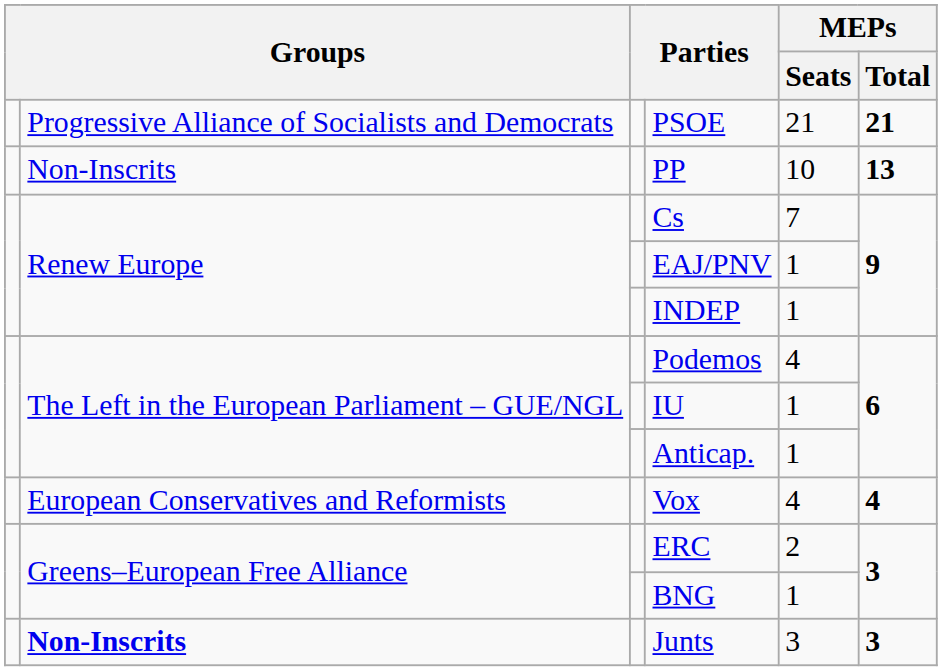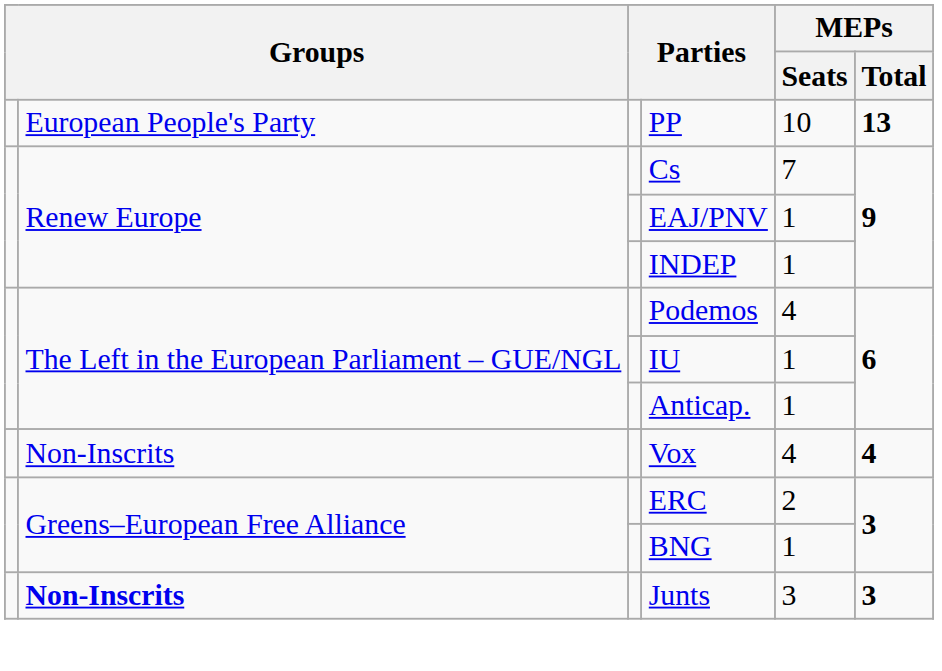 <table class="wikitable" style="text-align:left;">
 <tr>
 <th rowspan="2" colspan="2">Groups</th>
 <th rowspan="2" colspan="2">Parties</th>
 <th colspan="2">MEPs</th>
 </tr>
 <tr>
 <th>Seats</th>
 <th>Total</th>
 </tr>
 <tr>
-<td width="1" style="color:inherit;background:"></td>
-<td><a href='#'>Progressive Alliance of Socialists and Democrats</a></td>
-<td width="1" style="color:inherit;background:"></td>
-<td><a href='#'>PSOE</a></td>
-<td>21</td>
-<td><strong>21</strong></td>
-</tr>
-<tr>
 <td style="color:inherit;background:"></td>
-<td><a href='#'>Non-Inscrits</a></td>
+<td><a href='#'>European People's Party</a></td>
 <td style="color:inherit;background:"></td>
 <td><a href='#'>PP</a></td>
 <td>10</td>
 <td><strong>13</strong></td>
 </tr>
 <tr>
 <td rowspan="3" style="color:inherit;background:"></td>
 <td rowspan="3"><a href='#'>Renew Europe</a></td>
 <td style="color:inherit;background:"></td>
 <td><a href='#'>Cs</a></td>
 <td>7</td>
 <td rowspan="3"><strong>9</strong></td>
 </tr>
 <tr>
 <td style="color:inherit;background:"></td>
 <td><a href='#'>EAJ/PNV</a></td>
 <td>1</td>
 </tr>
 <tr>
 <td style="color:inherit;background:"></td>
 <td><a href='#'>INDEP</a></td>
 <td>1</td>
 </tr>
 <tr>
 <td rowspan="3" style="color:inherit;background:"></td>
 <td rowspan="3"><a href='#'>The Left in the European Parliament – GUE/NGL</a></td>
 <td style="color:inherit;background:"></td>
 <td><a href='#'>Podemos</a></td>
 <td>4</td>
 <td rowspan="3"><strong>6</strong></td>
 </tr>
 <tr>
 <td style="color:inherit;background:"></td>
 <td><a href='#'>IU</a></td>
 <td>1</td>
 </tr>
 <tr>
 <td style="color:inherit;background:"></td>
 <td><a href='#'>Anticap.</a></td>
 <td>1</td>
 </tr>
 <tr>
 <td style="color:inherit;background:"></td>
-<td><a href='#'>European Conservatives and Reformists</a></td>
+<td><a href='#'>Non-Inscrits</a></td>
 <td style="color:inherit;background:"></td>
 <td><a href='#'>Vox</a></td>
 <td>4</td>
 <td><strong>4</strong></td>
 </tr>
 <tr>
 <td rowspan="2" style="color:inherit;background:"></td>
 <td rowspan="2"><a href='#'>Greens–European Free Alliance</a></td>
 <td style="color:inherit;background:"></td>
 <td><a href='#'>ERC</a></td>
 <td>2</td>
 <td rowspan="2"><strong>3</strong></td>
 </tr>
 <tr>
 <td style="color:inherit;background:"></td>
 <td><a href='#'>BNG</a></td>
 <td>1</td>
 </tr>
 <tr>
 <td style="color:inherit;background:"></td>
 <td><strong><a href='#'>Non-Inscrits</a></strong></td>
 <td style="color:inherit;background:"></td>
 <td><a href='#'>Junts</a></td>
 <td>3</td>
 <td><strong>3</strong></td>
 </tr>
 </table>
